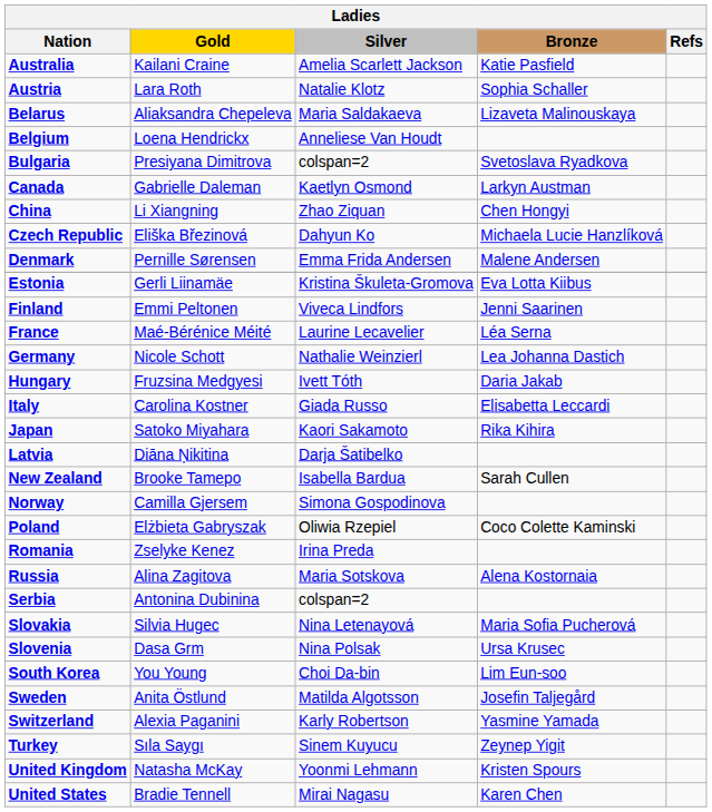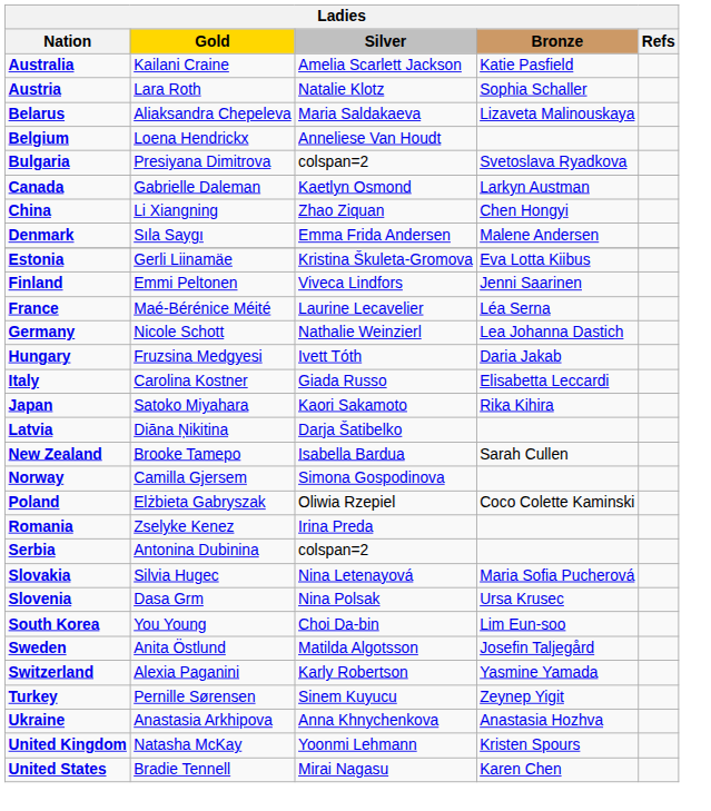 <table class="wikitable">
 <tr>
 <th colspan=5>Ladies</th>
 </tr>
 <tr>
 <th>Nation</th>
 <td style="text-align:center; background:gold;"><strong>Gold</strong></td>
 <td style="text-align:center; background:silver;"><strong>Silver</strong></td>
 <td style="text-align:center; background:#c96;"><strong>Bronze</strong></td>
 <th>Refs</th>
 </tr>
 <tr>
 <td><strong><a href='#'>Australia</a></strong></td>
 <td><a href='#'>Kailani Craine</a></td>
 <td><a href='#'>Amelia Scarlett Jackson</a></td>
 <td><a href='#'>Katie Pasfield</a></td>
 <td></td>
 </tr>
 <tr>
 <td><strong><a href='#'>Austria</a></strong></td>
 <td><a href='#'>Lara Roth</a></td>
 <td><a href='#'>Natalie Klotz</a></td>
 <td><a href='#'>Sophia Schaller</a></td>
 <td></td>
 </tr>
 <tr>
 <td><strong><a href='#'>Belarus</a></strong></td>
 <td><a href='#'>Aliaksandra Chepeleva</a></td>
 <td><a href='#'>Maria Saldakaeva</a></td>
 <td><a href='#'>Lizaveta Malinouskaya</a></td>
 <td></td>
 </tr>
 <tr>
 <td><strong><a href='#'>Belgium</a></strong></td>
 <td><a href='#'>Loena Hendrickx</a></td>
 <td><a href='#'>Anneliese Van Houdt</a></td>
 <td></td>
 <td></td>
 </tr>
 <tr>
 <td><strong><a href='#'>Bulgaria</a></strong></td>
 <td><a href='#'>Presiyana Dimitrova</a></td>
 <td>colspan=2 </td>
 <td><a href='#'>Svetoslava Ryadkova</a></td>
 <td></td>
 </tr>
 <tr>
 <td><strong><a href='#'>Canada</a></strong></td>
 <td><a href='#'>Gabrielle Daleman</a></td>
 <td><a href='#'>Kaetlyn Osmond</a></td>
 <td><a href='#'>Larkyn Austman</a></td>
 <td></td>
 </tr>
 <tr>
 <td><strong><a href='#'>China</a></strong></td>
 <td><a href='#'>Li Xiangning</a></td>
 <td><a href='#'>Zhao Ziquan</a></td>
 <td><a href='#'>Chen Hongyi</a></td>
 <td></td>
 </tr>
 <tr>
-<td><strong><a href='#'>Czech Republic</a></strong></td>
-<td><a href='#'>Eliška Březinová</a></td>
-<td><a href='#'>Dahyun Ko</a></td>
-<td><a href='#'>Michaela Lucie Hanzlíková</a></td>
-<td></td>
-</tr>
-<tr>
 <td><strong><a href='#'>Denmark</a></strong></td>
-<td><a href='#'>Pernille Sørensen</a></td>
+<td><a href='#'>Sıla Saygı</a></td>
 <td><a href='#'>Emma Frida Andersen</a></td>
 <td><a href='#'>Malene Andersen</a></td>
 <td></td>
 </tr>
 <tr>
 </tr>
 <tr>
 <td><strong><a href='#'>Estonia</a></strong></td>
 <td><a href='#'>Gerli Liinamäe</a></td>
 <td><a href='#'>Kristina Škuleta-Gromova</a></td>
 <td><a href='#'>Eva Lotta Kiibus</a></td>
 <td></td>
 </tr>
 <tr>
 <td><strong><a href='#'>Finland</a></strong></td>
 <td><a href='#'>Emmi Peltonen</a></td>
 <td><a href='#'>Viveca Lindfors</a></td>
 <td><a href='#'>Jenni Saarinen</a></td>
 <td></td>
 </tr>
 <tr>
 <td><strong><a href='#'>France</a></strong></td>
 <td><a href='#'>Maé-Bérénice Méité</a></td>
 <td><a href='#'>Laurine Lecavelier</a></td>
 <td><a href='#'>Léa Serna</a></td>
 <td></td>
 </tr>
 <tr>
 <td><strong><a href='#'>Germany</a></strong></td>
 <td><a href='#'>Nicole Schott</a></td>
 <td><a href='#'>Nathalie Weinzierl</a></td>
 <td><a href='#'>Lea Johanna Dastich</a></td>
 <td></td>
 </tr>
 <tr>
 <td><strong><a href='#'>Hungary</a></strong></td>
 <td><a href='#'>Fruzsina Medgyesi</a></td>
 <td><a href='#'>Ivett Tóth</a></td>
 <td><a href='#'>Daria Jakab</a></td>
 <td></td>
 </tr>
 <tr>
 <td><strong><a href='#'>Italy</a></strong></td>
 <td><a href='#'>Carolina Kostner</a></td>
 <td><a href='#'>Giada Russo</a></td>
 <td><a href='#'>Elisabetta Leccardi</a></td>
 <td></td>
 </tr>
 <tr>
 <td><strong><a href='#'>Japan</a></strong></td>
 <td><a href='#'>Satoko Miyahara</a></td>
 <td><a href='#'>Kaori Sakamoto</a></td>
 <td><a href='#'>Rika Kihira</a></td>
 <td></td>
 </tr>
 <tr>
 <td><strong><a href='#'>Latvia</a></strong></td>
 <td><a href='#'>Diāna Ņikitina</a></td>
 <td><a href='#'>Darja Šatibelko</a></td>
 <td></td>
 <td></td>
 </tr>
 <tr>
 <td><strong><a href='#'>New Zealand</a></strong></td>
 <td><a href='#'>Brooke Tamepo</a></td>
 <td><a href='#'>Isabella Bardua</a></td>
 <td>Sarah Cullen</td>
 <td></td>
 </tr>
 <tr>
 <td><strong><a href='#'>Norway</a></strong></td>
 <td><a href='#'>Camilla Gjersem</a></td>
 <td><a href='#'>Simona Gospodinova</a></td>
 <td></td>
 </tr>
 <tr>
 <td><strong><a href='#'>Poland</a></strong></td>
 <td><a href='#'>Elżbieta Gabryszak</a></td>
 <td>Oliwia Rzepiel</td>
 <td>Coco Colette Kaminski</td>
 <td></td>
 </tr>
 <tr>
 <td><strong><a href='#'>Romania</a></strong></td>
 <td><a href='#'>Zselyke Kenez</a></td>
 <td><a href='#'>Irina Preda</a></td>
 <td></td>
 <td></td>
 </tr>
 <tr>
-<td><strong><a href='#'>Russia</a></strong></td>
-<td><a href='#'>Alina Zagitova</a></td>
-<td><a href='#'>Maria Sotskova</a></td>
-<td><a href='#'>Alena Kostornaia</a></td>
-<td></td>
-</tr>
-<tr>
 <td><strong><a href='#'>Serbia</a></strong></td>
 <td><a href='#'>Antonina Dubinina</a></td>
 <td>colspan=2 </td>
 <td></td>
 </tr>
 <tr>
 <td><strong><a href='#'>Slovakia</a></strong></td>
 <td><a href='#'>Silvia Hugec</a></td>
 <td><a href='#'>Nina Letenayová</a></td>
 <td><a href='#'>Maria Sofia Pucherová</a></td>
 <td></td>
 </tr>
 <tr>
 <td><strong><a href='#'>Slovenia</a></strong></td>
 <td><a href='#'>Dasa Grm</a></td>
 <td><a href='#'>Nina Polsak</a></td>
 <td><a href='#'>Ursa Krusec</a></td>
 <td></td>
 </tr>
 <tr>
 <td><strong><a href='#'>South Korea</a></strong></td>
 <td><a href='#'>You Young</a></td>
 <td><a href='#'>Choi Da-bin</a></td>
 <td><a href='#'>Lim Eun-soo</a></td>
 <td></td>
 </tr>
 <tr>
 <td><strong><a href='#'>Sweden</a></strong></td>
 <td><a href='#'>Anita Östlund</a></td>
 <td><a href='#'>Matilda Algotsson</a></td>
 <td><a href='#'>Josefin Taljegård</a></td>
 <td></td>
 </tr>
 <tr>
 <td><strong><a href='#'>Switzerland</a></strong></td>
 <td><a href='#'>Alexia Paganini</a></td>
 <td><a href='#'>Karly Robertson</a></td>
 <td><a href='#'>Yasmine Yamada</a></td>
 <td></td>
 </tr>
 <tr>
 <td><strong><a href='#'>Turkey</a></strong></td>
-<td><a href='#'>Sıla Saygı</a></td>
+<td><a href='#'>Pernille Sørensen</a></td>
 <td><a href='#'>Sinem Kuyucu</a></td>
 <td><a href='#'>Zeynep Yigit</a></td>
+<td></td>
+</tr>
+<tr>
+<td><strong><a href='#'>Ukraine</a></strong></td>
+<td><a href='#'>Anastasia Arkhipova</a></td>
+<td><a href='#'>Anna Khnychenkova</a></td>
+<td><a href='#'>Anastasia Hozhva</a></td>
 <td></td>
 </tr>
 <tr>
 <td><strong><a href='#'>United Kingdom</a></strong></td>
 <td><a href='#'>Natasha McKay</a></td>
 <td><a href='#'>Yoonmi Lehmann</a></td>
 <td><a href='#'>Kristen Spours</a></td>
 <td></td>
 </tr>
 <tr>
 <td><strong><a href='#'>United States</a></strong></td>
 <td><a href='#'>Bradie Tennell</a></td>
 <td><a href='#'>Mirai Nagasu</a></td>
 <td><a href='#'>Karen Chen</a></td>
 <td></td>
 </tr>
 </table>
